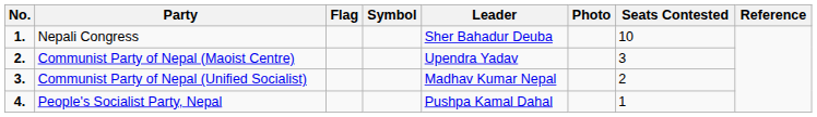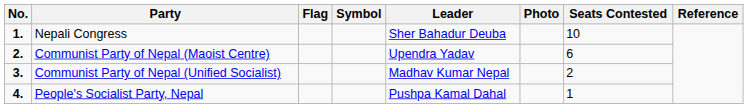 <table class="wikitable" width="75%">
 <tr>
 <th>No.</th>
 <th "style=max-width:60em">Party</th>
 <th>Flag</th>
 <th>Symbol</th>
 <th>Leader</th>
 <th>Photo</th>
 <th>Seats Contested</th>
 <th>Reference</th>
 </tr>
 <tr>
 <td style="text-align:center; background:"><strong>1.</strong></td>
 <td>Nepali Congress</td>
 <td></td>
 <td></td>
 <td><a href='#'>Sher Bahadur Deuba</a></td>
 <td></td>
 <td>10</td>
 <td rowspan="4"></td>
 </tr>
 <tr>
 <td style="text-align:center; background:"><strong>2.</strong></td>
 <td><a href='#'>Communist Party of Nepal (Maoist Centre)</a></td>
 <td></td>
 <td></td>
 <td><a href='#'>Upendra Yadav</a></td>
 <td></td>
-<td>3</td>
+<td>6</td>
 </tr>
 <tr>
 <td style="text-align:center; background:"><strong>3.</strong></td>
 <td><a href='#'>Communist Party of Nepal (Unified Socialist)</a></td>
 <td></td>
 <td></td>
 <td><a href='#'>Madhav Kumar Nepal</a></td>
 <td></td>
 <td>2</td>
 </tr>
 <tr>
 <td style="text-align:center; background:"><strong>4.</strong></td>
 <td><a href='#'>People's Socialist Party, Nepal</a></td>
 <td></td>
 <td></td>
 <td><a href='#'>Pushpa Kamal Dahal</a></td>
 <td></td>
 <td>1</td>
 </tr>
 </table>
